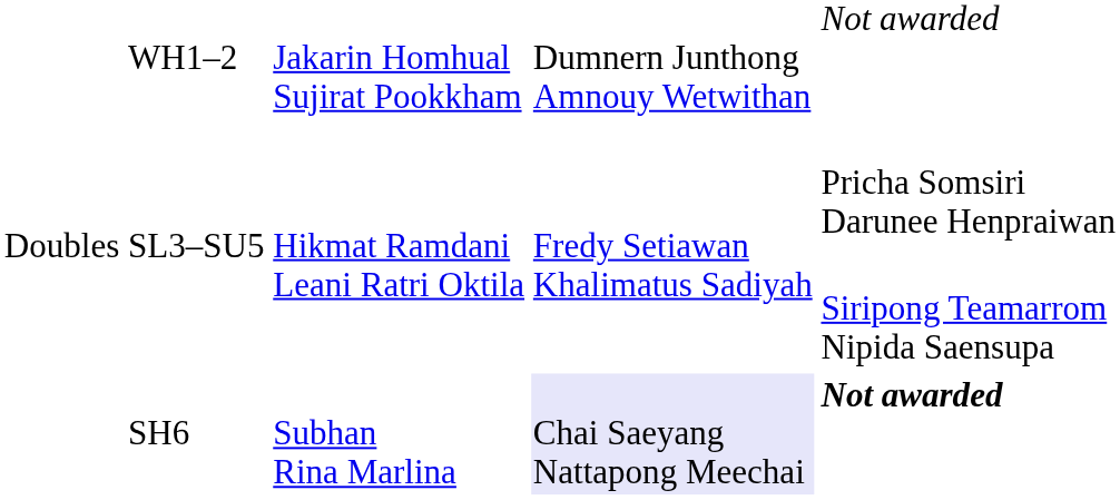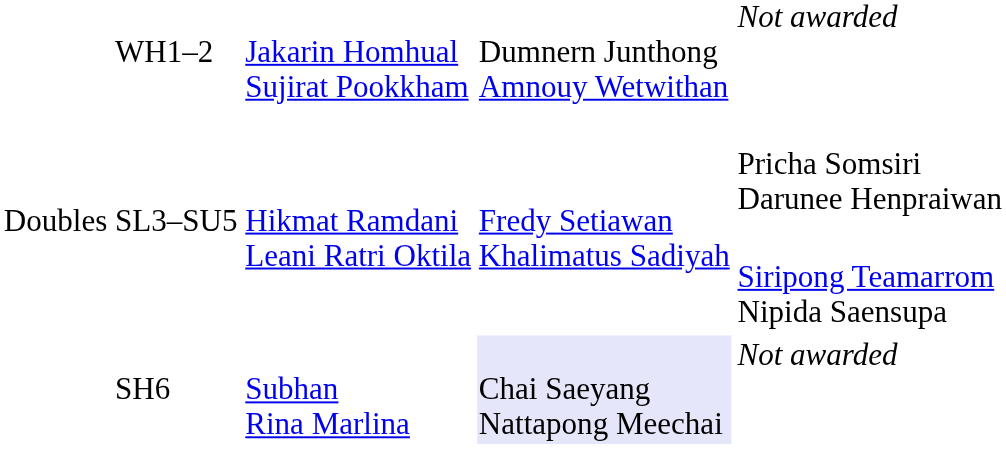 <table>
 <tr>
 <td rowspan="4">Doubles</td>
 <td>WH1–2</td>
 <td><br><a href='#'>Jakarin Homhual</a><br><a href='#'>Sujirat Pookkham</a></td>
 <td><br>Dumnern Junthong<br><a href='#'>Amnouy Wetwithan</a></td>
 <td nowrap valign="top"><em>Not awarded</em></td>
 </tr>
 <tr>
 <td rowspan="2">SL3–SU5</td>
 <td rowspan="2"><br><a href='#'>Hikmat Ramdani</a><br><a href='#'>Leani Ratri Oktila</a></td>
 <td rowspan="2"><br><a href='#'>Fredy Setiawan</a><br><a href='#'>Khalimatus Sadiyah</a></td>
 <td><br>Pricha Somsiri<br>Darunee Henpraiwan</td>
 </tr>
 <tr>
 <td><br><a href='#'>Siripong Teamarrom</a><br>Nipida Saensupa</td>
 </tr>
 <tr>
 <td>SH6</td>
 <td><br><a href='#'>Subhan</a><br><a href='#'>Rina Marlina</a></td>
 <td style="background: lavender;"><br>Chai Saeyang<br>Nattapong Meechai</td>
-<td nowrap valign="top"><strong><em>Not awarded</em></strong></td>
+<td nowrap valign="top"><em>Not awarded</em></td>
 </tr>
 </table>
